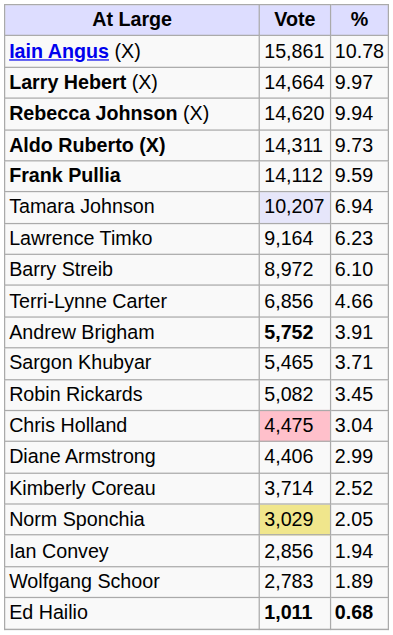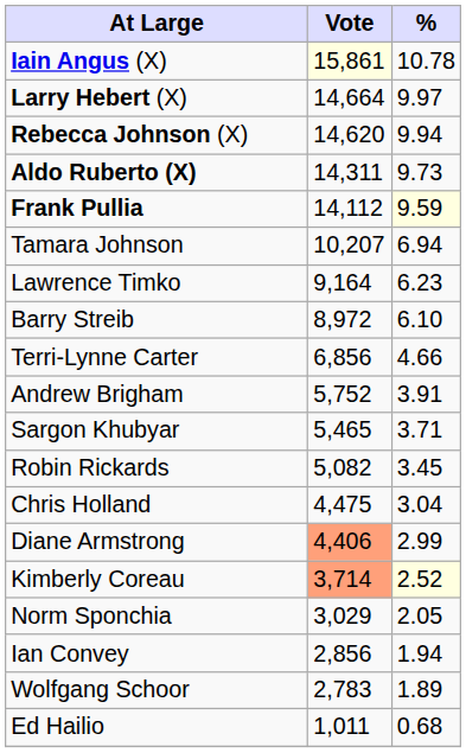 <table class="wikitable">
 <tr>
 <th style="background:#ddf; width:200px;">At Large </th>
 <th style="background:#ddf; width:50px;">Vote</th>
 <th style="background:#ddf; width:30px;">%</th>
 </tr>
 <tr>
 <td><strong><a href='#'>Iain Angus</a></strong> (X)</td>
-<td>15,861</td>
+<td style="background: lightyellow;">15,861</td>
 <td>10.78</td>
 </tr>
 <tr>
 <td><strong>Larry Hebert</strong> (X)</td>
 <td>14,664</td>
 <td>9.97</td>
 </tr>
 <tr>
 <td><strong>Rebecca Johnson</strong> (X)</td>
 <td>14,620</td>
 <td>9.94</td>
 </tr>
 <tr>
 <td><strong>Aldo Ruberto (X)</strong></td>
 <td>14,311</td>
 <td>9.73</td>
 </tr>
 <tr>
 <td><strong>Frank Pullia</strong></td>
 <td>14,112</td>
-<td>9.59</td>
+<td style="background: lightyellow;">9.59</td>
 </tr>
 <tr>
 <td>Tamara Johnson</td>
-<td style="background: lavender;">10,207</td>
+<td>10,207</td>
 <td>6.94</td>
 </tr>
 <tr>
 <td>Lawrence Timko</td>
 <td>9,164</td>
 <td>6.23</td>
 </tr>
 <tr>
 <td>Barry Streib</td>
 <td>8,972</td>
 <td>6.10</td>
 </tr>
 <tr>
 <td>Terri-Lynne Carter</td>
 <td>6,856</td>
 <td>4.66</td>
 </tr>
 <tr>
 <td>Andrew Brigham</td>
-<td><strong>5,752</strong></td>
+<td>5,752</td>
 <td>3.91</td>
 </tr>
 <tr>
 <td>Sargon Khubyar</td>
 <td>5,465</td>
 <td>3.71</td>
 </tr>
 <tr>
 <td>Robin Rickards</td>
 <td>5,082</td>
 <td>3.45</td>
 </tr>
 <tr>
 <td>Chris Holland</td>
-<td style="background: pink;">4,475</td>
+<td>4,475</td>
 <td>3.04</td>
 </tr>
 <tr>
 <td>Diane Armstrong</td>
-<td>4,406</td>
+<td style="background: lightsalmon;">4,406</td>
 <td>2.99</td>
 </tr>
 <tr>
 <td>Kimberly Coreau</td>
-<td>3,714</td>
-<td>2.52</td>
+<td style="background: lightsalmon;">3,714</td>
+<td style="background: lightyellow;">2.52</td>
 </tr>
 <tr>
 <td>Norm Sponchia</td>
-<td style="background: khaki;">3,029</td>
+<td>3,029</td>
 <td>2.05</td>
 </tr>
 <tr>
 <td>Ian Convey</td>
 <td>2,856</td>
 <td>1.94</td>
 </tr>
 <tr>
 <td>Wolfgang Schoor</td>
 <td>2,783</td>
 <td>1.89</td>
 </tr>
 <tr>
 <td>Ed Hailio</td>
-<td><strong>1,011</strong></td>
-<td><strong>0.68</strong></td>
+<td>1,011</td>
+<td>0.68</td>
 </tr>
 <tr>
 </tr>
 </table>
